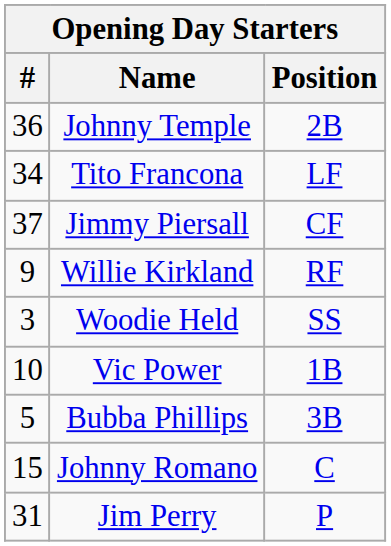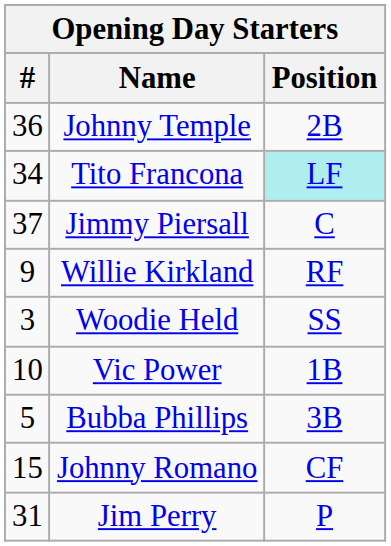 <table class="wikitable" style="text-align:center">
 <tr>
 <th colspan="3">Opening Day Starters</th>
 </tr>
 <tr>
 <th>#</th>
 <th>Name</th>
 <th>Position</th>
 </tr>
 <tr>
 <td>36</td>
 <td><a href='#'>Johnny Temple</a></td>
 <td><a href='#'>2B</a></td>
 </tr>
 <tr>
 <td>34</td>
 <td><a href='#'>Tito Francona</a></td>
-<td><a href='#'>LF</a></td>
+<td style="background: paleturquoise;"><a href='#'>LF</a></td>
 </tr>
 <tr>
 <td>37</td>
 <td><a href='#'>Jimmy Piersall</a></td>
-<td><a href='#'>CF</a></td>
+<td><a href='#'>C</a></td>
 </tr>
 <tr>
 <td>9</td>
 <td><a href='#'>Willie Kirkland</a></td>
 <td><a href='#'>RF</a></td>
 </tr>
 <tr>
 <td>3</td>
 <td><a href='#'>Woodie Held</a></td>
 <td><a href='#'>SS</a></td>
 </tr>
 <tr>
 <td>10</td>
 <td><a href='#'>Vic Power</a></td>
 <td><a href='#'>1B</a></td>
 </tr>
 <tr>
 <td>5</td>
 <td><a href='#'>Bubba Phillips</a></td>
 <td><a href='#'>3B</a></td>
 </tr>
 <tr>
 <td>15</td>
 <td><a href='#'>Johnny Romano</a></td>
-<td><a href='#'>C</a></td>
+<td><a href='#'>CF</a></td>
 </tr>
 <tr>
 <td>31</td>
 <td><a href='#'>Jim Perry</a></td>
 <td><a href='#'>P</a></td>
 </tr>
 </table>
